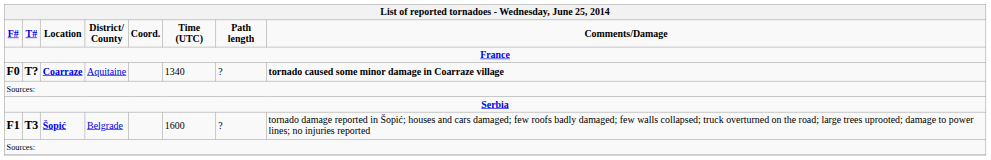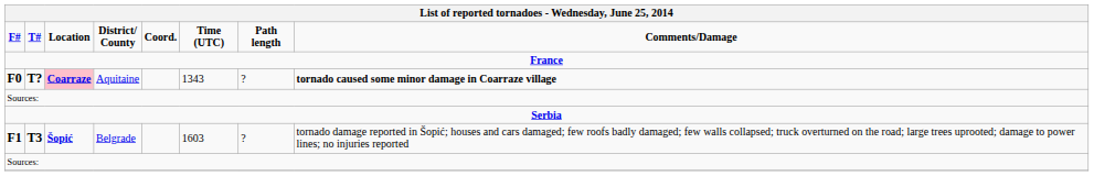 <table class="wikitable collapsible" width="100%">
 <tr>
 <th colspan="8">List of reported tornadoes - Wednesday, June 25, 2014</th>
 </tr>
 <tr>
 <td style="text-align: center;"><strong><a href='#'>F#</a></strong></td>
 <td style="text-align: center;"><strong><a href='#'>T#</a></strong></td>
 <td style="text-align: center;"><strong>Location</strong></td>
 <td style="text-align: center;"><strong>District/<br>County</strong></td>
 <td style="text-align: center;"><strong>Coord.</strong></td>
 <td style="text-align: center;"><strong>Time (UTC)</strong></td>
 <td style="text-align: center;"><strong>Path length</strong></td>
 <td style="text-align: center;"><strong>Comments/Damage</strong></td>
 </tr>
 <tr>
 <td colspan="8" align=center><strong><a href='#'>France</a></strong></td>
 </tr>
 <tr>
 <td><big><strong>F0</strong></big></td>
 <td><big><strong>T?</strong></big></td>
-<td><strong><a href='#'>Coarraze</a></strong></td>
+<td style="background: pink;"><strong><a href='#'>Coarraze</a></strong></td>
 <td><a href='#'>Aquitaine</a></td>
 <td></td>
-<td>1340</td>
+<td>1343</td>
 <td>?</td>
 <td><strong>tornado caused some minor damage in Coarraze village</strong></td>
 </tr>
 <tr>
 <td colspan="8"><small>Sources:</small></td>
 </tr>
 <tr>
 <td colspan="8" align=center><strong><a href='#'>Serbia</a></strong></td>
 </tr>
 <tr>
 <td><big><strong>F1</strong></big></td>
 <td><big><strong>T3</strong></big></td>
 <td><strong><a href='#'>Šopić</a></strong></td>
 <td><a href='#'>Belgrade</a></td>
 <td></td>
-<td>1600</td>
+<td>1603</td>
 <td>?</td>
 <td>tornado damage reported in Šopić; houses and cars damaged; few roofs badly damaged; few walls collapsed; truck overturned on the road; large trees uprooted; damage to power lines; no injuries reported</td>
 </tr>
 <tr>
 <td colspan="8"><small>Sources:</small></td>
 </tr>
 <tr>
 </tr>
 </table>
